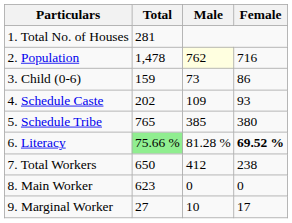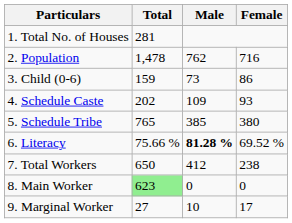 <table class="wikitable sortable">
 <tr>
 <th>Particulars</th>
 <th>Total</th>
 <th>Male</th>
 <th>Female</th>
 </tr>
 <tr>
 <td>1. Total No. of Houses</td>
 <td>281</td>
 </tr>
 <tr>
 <td>2. <a href='#'>Population</a></td>
 <td>1,478</td>
-<td style="background: lightyellow;">762</td>
+<td>762</td>
 <td>716</td>
 </tr>
 <tr>
 <td>3. Child (0-6)</td>
 <td>159</td>
 <td>73</td>
 <td>86</td>
 </tr>
 <tr>
 <td>4. <a href='#'>Schedule Caste</a></td>
 <td>202</td>
 <td>109</td>
 <td>93</td>
 </tr>
 <tr>
 <td>5. <a href='#'>Schedule Tribe</a></td>
 <td>765</td>
 <td>385</td>
 <td>380</td>
 </tr>
 <tr>
 <td>6. <a href='#'>Literacy</a></td>
-<td style="background: lightgreen;">75.66 %</td>
-<td>81.28 %</td>
-<td><strong>69.52 %</strong></td>
+<td>75.66 %</td>
+<td><strong>81.28 %</strong></td>
+<td>69.52 %</td>
 </tr>
 <tr>
 <td>7. Total Workers</td>
 <td>650</td>
 <td>412</td>
 <td>238</td>
 </tr>
 <tr>
 <td>8. Main Worker</td>
-<td>623</td>
+<td style="background: lightgreen;">623</td>
 <td>0</td>
 <td>0</td>
 </tr>
 <tr>
 <td>9. Marginal Worker</td>
 <td>27</td>
 <td>10</td>
 <td>17</td>
 </tr>
 </table>
